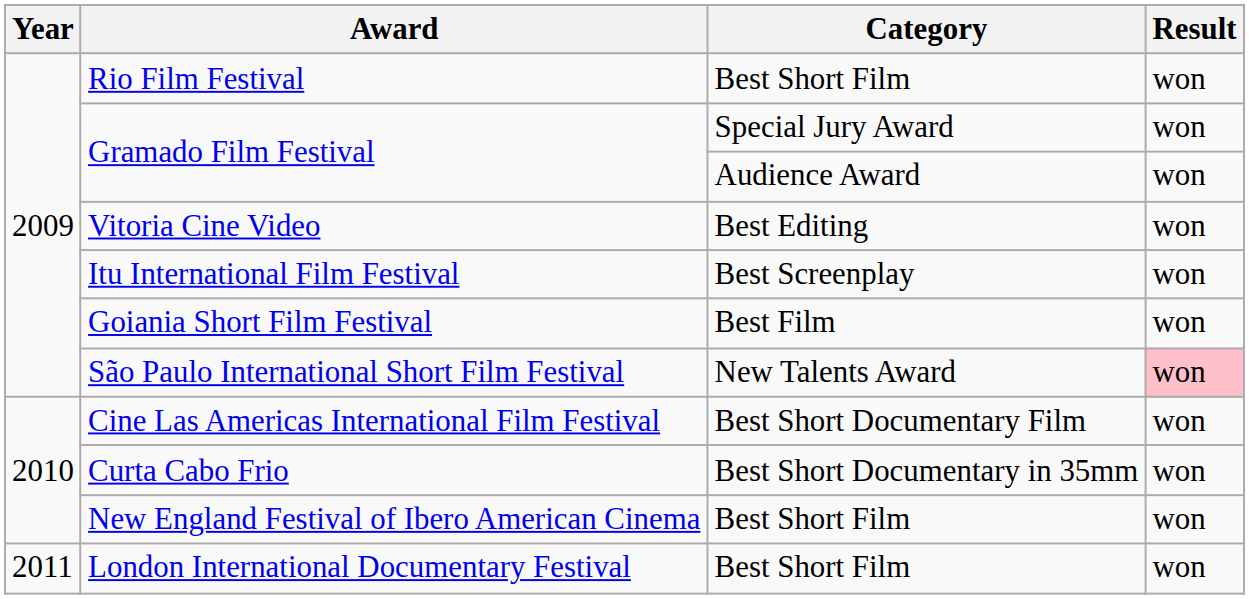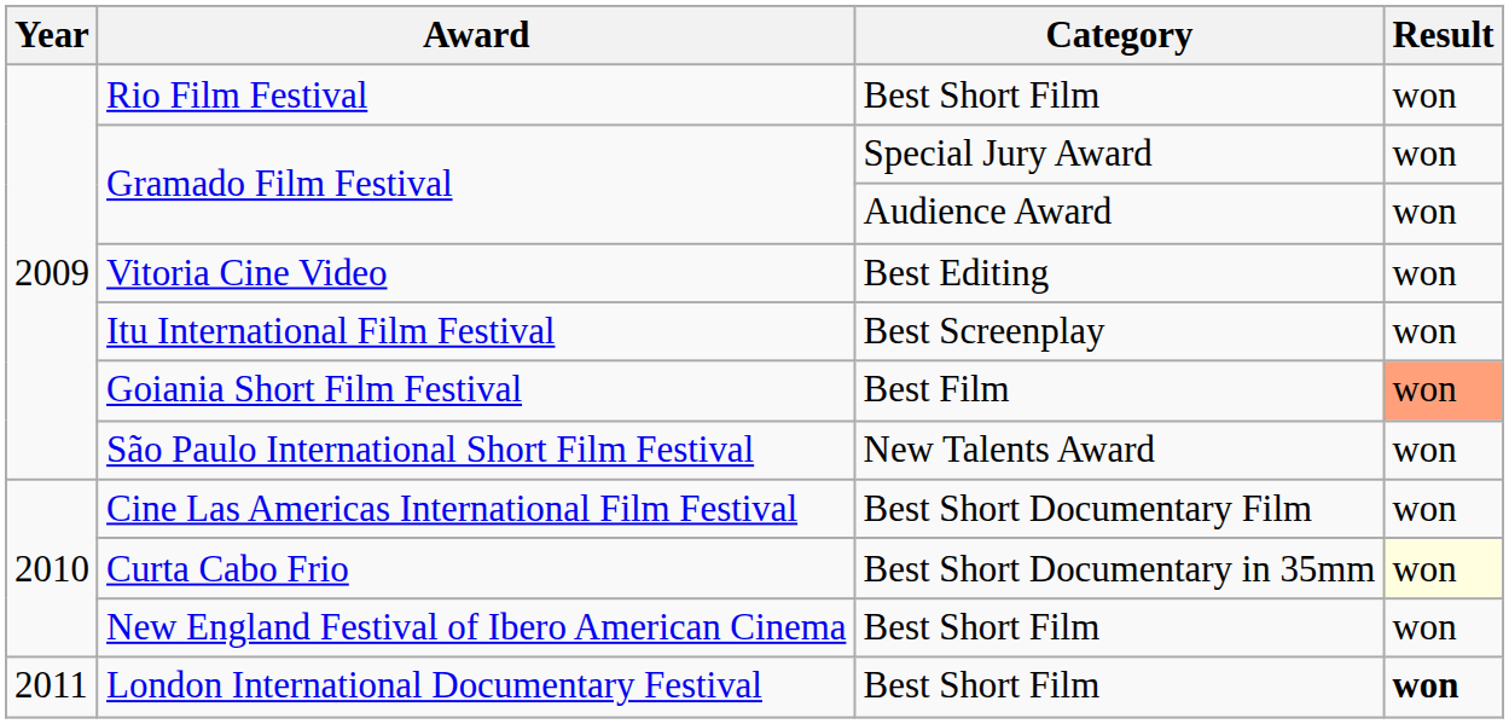 <table class="wikitable sortable">
 <tr>
 <th>Year</th>
 <th>Award</th>
 <th>Category</th>
 <th>Result</th>
 </tr>
 <tr>
 <td rowspan=7>2009</td>
 <td><a href='#'>Rio Film Festival</a></td>
 <td>Best Short Film</td>
 <td>won</td>
 </tr>
 <tr>
 <td rowspan=2><a href='#'>Gramado Film Festival</a></td>
 <td>Special Jury Award</td>
 <td>won</td>
 </tr>
 <tr>
 <td>Audience Award</td>
 <td>won</td>
 </tr>
 <tr>
 <td><a href='#'>Vitoria Cine Video</a></td>
 <td>Best Editing</td>
 <td>won</td>
 </tr>
 <tr>
 <td><a href='#'>Itu International Film Festival</a></td>
 <td>Best Screenplay</td>
 <td>won</td>
 </tr>
 <tr>
 <td><a href='#'>Goiania Short Film Festival</a></td>
 <td>Best Film</td>
-<td>won</td>
+<td style="background: lightsalmon;">won</td>
 </tr>
 <tr>
 <td><a href='#'>São Paulo International Short Film Festival</a></td>
 <td>New Talents Award</td>
-<td style="background: pink;">won</td>
+<td>won</td>
 </tr>
 <tr>
 <td rowspan=3>2010</td>
 <td><a href='#'>Cine Las Americas International Film Festival</a></td>
 <td>Best Short Documentary Film</td>
 <td>won</td>
 </tr>
 <tr>
 <td><a href='#'>Curta Cabo Frio</a></td>
 <td>Best Short Documentary in 35mm</td>
-<td>won</td>
+<td style="background: lightyellow;">won</td>
 </tr>
 <tr>
 <td><a href='#'>New England Festival of Ibero American Cinema</a></td>
 <td>Best Short Film</td>
 <td>won</td>
 </tr>
 <tr>
 <td>2011</td>
 <td><a href='#'>London International Documentary Festival</a></td>
 <td>Best Short Film</td>
-<td>won</td>
+<td><strong>won</strong></td>
 </tr>
 </table>
